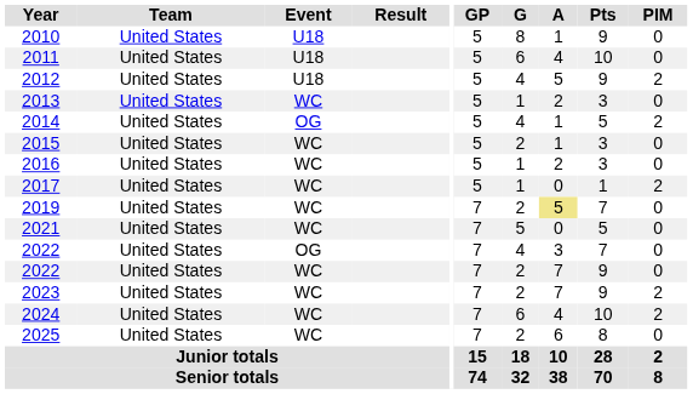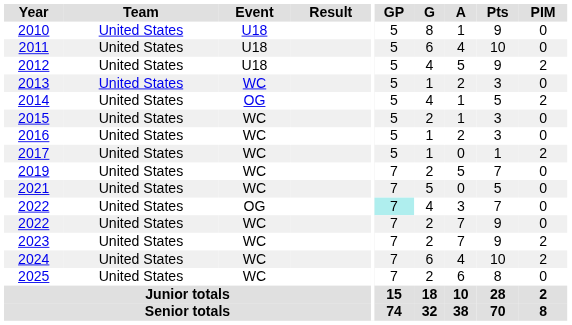 <table border="0" cellpadding="1" cellspacing="0" ID="Table3" style="text-align:center; width:40em">
 <tr bgcolor="#e0e0e0">
 <th>Year</th>
 <th>Team</th>
 <th>Event</th>
 <th>Result</th>
 <th rowspan="99" bgcolor="#ffffff"></th>
 <th>GP</th>
 <th>G</th>
 <th>A</th>
 <th>Pts</th>
 <th>PIM</th>
 </tr>
 <tr>
 <td><a href='#'>2010</a></td>
 <td><a href='#'>United States</a></td>
 <td><a href='#'>U18</a></td>
 <td></td>
 <td>5</td>
 <td>8</td>
 <td>1</td>
 <td>9</td>
 <td>0</td>
 </tr>
 <tr bgcolor="f0f0f0">
 <td><a href='#'>2011</a></td>
 <td>United States</td>
 <td>U18</td>
 <td></td>
 <td>5</td>
 <td>6</td>
 <td>4</td>
 <td>10</td>
 <td>0</td>
 </tr>
 <tr>
 <td><a href='#'>2012</a></td>
 <td>United States</td>
 <td>U18</td>
 <td></td>
 <td>5</td>
 <td>4</td>
 <td>5</td>
 <td>9</td>
 <td>2</td>
 </tr>
 <tr bgcolor="f0f0f0">
 <td><a href='#'>2013</a></td>
 <td><a href='#'>United States</a></td>
 <td><a href='#'>WC</a></td>
 <td></td>
 <td>5</td>
 <td>1</td>
 <td>2</td>
 <td>3</td>
 <td>0</td>
 </tr>
 <tr>
 <td><a href='#'>2014</a></td>
 <td>United States</td>
 <td><a href='#'>OG</a></td>
 <td></td>
 <td>5</td>
 <td>4</td>
 <td>1</td>
 <td>5</td>
 <td>2</td>
 </tr>
 <tr bgcolor="f0f0f0">
 <td><a href='#'>2015</a></td>
 <td>United States</td>
 <td>WC</td>
 <td></td>
 <td>5</td>
 <td>2</td>
 <td>1</td>
 <td>3</td>
 <td>0</td>
 </tr>
 <tr>
 <td><a href='#'>2016</a></td>
 <td>United States</td>
 <td>WC</td>
 <td></td>
 <td>5</td>
 <td>1</td>
 <td>2</td>
 <td>3</td>
 <td>0</td>
 </tr>
 <tr bgcolor="f0f0f0">
 <td><a href='#'>2017</a></td>
 <td>United States</td>
 <td>WC</td>
 <td></td>
 <td>5</td>
 <td>1</td>
 <td>0</td>
 <td>1</td>
 <td>2</td>
 </tr>
 <tr>
 <td><a href='#'>2019</a></td>
 <td>United States</td>
 <td>WC</td>
 <td></td>
 <td>7</td>
 <td>2</td>
-<td style="background: khaki;">5</td>
+<td>5</td>
 <td>7</td>
 <td>0</td>
 </tr>
 <tr bgcolor="f0f0f0">
 <td><a href='#'>2021</a></td>
 <td>United States</td>
 <td>WC</td>
 <td></td>
 <td>7</td>
 <td>5</td>
 <td>0</td>
 <td>5</td>
 <td>0</td>
 </tr>
 <tr>
 <td><a href='#'>2022</a></td>
 <td>United States</td>
 <td>OG</td>
 <td></td>
-<td>7</td>
+<td style="background: paleturquoise;">7</td>
 <td>4</td>
 <td>3</td>
 <td>7</td>
 <td>0</td>
 </tr>
 <tr bgcolor="f0f0f0">
 <td><a href='#'>2022</a></td>
 <td>United States</td>
 <td>WC</td>
 <td></td>
 <td>7</td>
 <td>2</td>
 <td>7</td>
 <td>9</td>
 <td>0</td>
 </tr>
 <tr>
 <td><a href='#'>2023</a></td>
 <td>United States</td>
 <td>WC</td>
 <td></td>
 <td>7</td>
 <td>2</td>
 <td>7</td>
 <td>9</td>
 <td>2</td>
 </tr>
 <tr bgcolor="#f0f0f0">
 <td><a href='#'>2024</a></td>
 <td>United States</td>
 <td>WC</td>
 <td></td>
 <td>7</td>
 <td>6</td>
 <td>4</td>
 <td>10</td>
 <td>2</td>
 </tr>
 <tr>
 <td><a href='#'>2025</a></td>
 <td>United States</td>
 <td>WC</td>
 <td></td>
 <td>7</td>
 <td>2</td>
 <td>6</td>
 <td>8</td>
 <td>0</td>
 </tr>
 <tr bgcolor="#e0e0e0">
 <th colspan="4">Junior totals</th>
 <th>15</th>
 <th>18</th>
 <th>10</th>
 <th>28</th>
 <th>2</th>
 </tr>
 <tr bgcolor="#e0e0e0">
 <th colspan="4">Senior totals</th>
 <th>74</th>
 <th>32</th>
 <th>38</th>
 <th>70</th>
 <th>8</th>
 </tr>
 </table>
